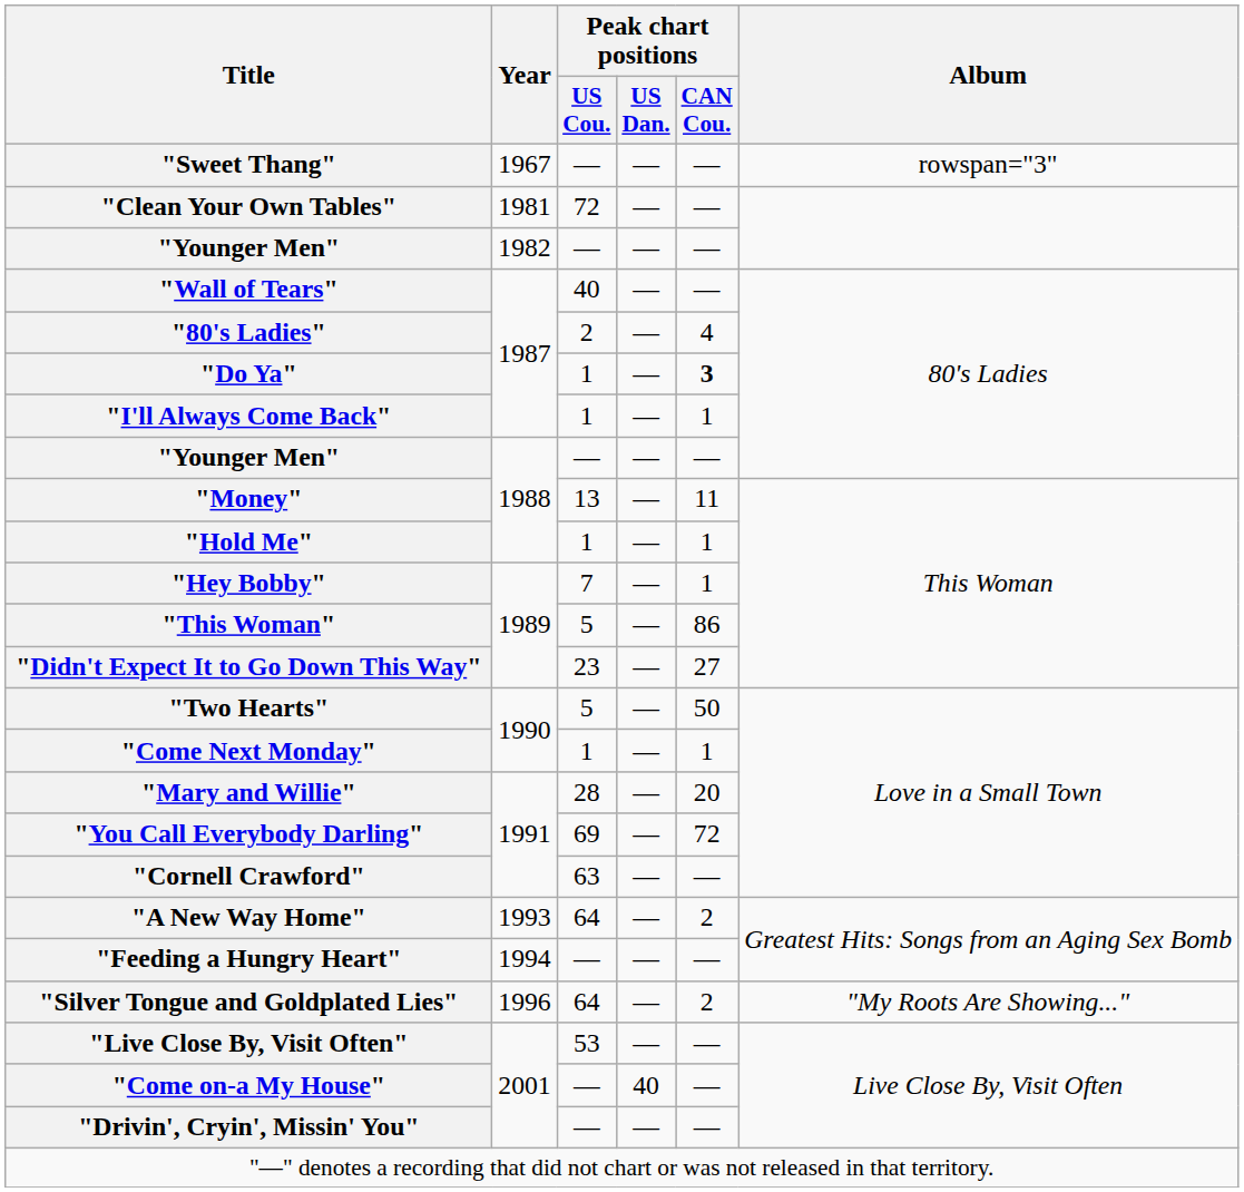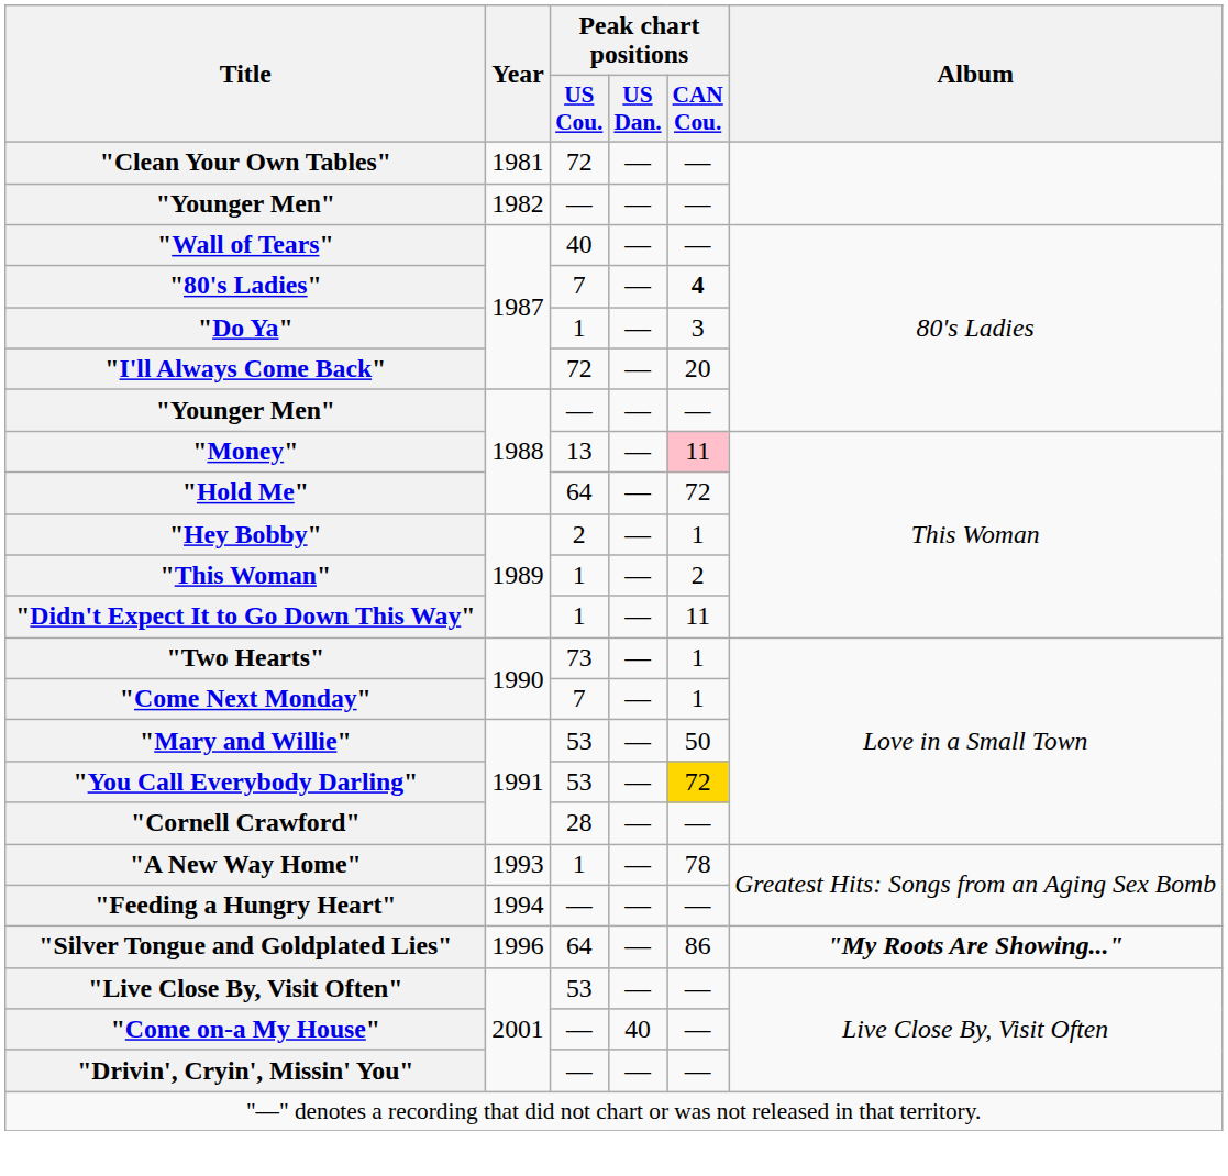 <table class="wikitable plainrowheaders" style="text-align:center;">
 <tr>
 <th scope="col" rowspan="2" style="width:18em;">Title</th>
 <th scope="col" rowspan="2">Year</th>
 <th scope="col" colspan="3">Peak chart<br>positions</th>
 <th scope="col" rowspan="2">Album</th>
 </tr>
 <tr>
 <th scope="col" style="width:2em;font-size:90%;"><a href='#'>US<br>Cou.</a><br></th>
 <th scope="col" style="width:2em;font-size:90%;"><a href='#'>US<br>Dan.</a><br></th>
 <th scope="col" style="width:2em;font-size:90%;"><a href='#'>CAN<br>Cou.</a><br></th>
-</tr>
-<tr>
-<th scope="row">"Sweet Thang"</th>
-<td>1967</td>
-<td>—</td>
-<td>—</td>
-<td>—</td>
-<td>rowspan="3" </td>
 </tr>
 <tr>
 <th scope="row">"Clean Your Own Tables"</th>
 <td>1981</td>
 <td>72</td>
 <td>—</td>
 <td>—</td>
 </tr>
 <tr>
 <th scope="row">"Younger Men"</th>
 <td>1982</td>
 <td>—</td>
 <td>—</td>
 <td>—</td>
 </tr>
 <tr>
 <th scope="row">"<a href='#'>Wall of Tears</a>"</th>
 <td rowspan="4">1987</td>
 <td>40</td>
 <td>—</td>
 <td>—</td>
 <td rowspan="5"><em>80's Ladies</em></td>
 </tr>
 <tr>
 <th scope="row">"<a href='#'>80's Ladies</a>"</th>
-<td>2</td>
+<td>7</td>
 <td>—</td>
-<td>4</td>
+<td><strong>4</strong></td>
 </tr>
 <tr>
 <th scope="row">"<a href='#'>Do Ya</a>"</th>
 <td>1</td>
 <td>—</td>
-<td><strong>3</strong></td>
+<td>3</td>
 </tr>
 <tr>
 <th scope="row">"<a href='#'>I'll Always Come Back</a>"</th>
-<td>1</td>
+<td>72</td>
 <td>—</td>
-<td>1</td>
+<td>20</td>
 </tr>
 <tr>
 <th scope="row">"Younger Men" </th>
 <td rowspan="3">1988</td>
 <td>—</td>
 <td>—</td>
 <td>—</td>
 </tr>
 <tr>
 <th scope="row">"<a href='#'>Money</a>"</th>
 <td>13</td>
 <td>—</td>
-<td>11</td>
+<td style="background: pink;">11</td>
 <td rowspan="5"><em>This Woman</em></td>
 </tr>
 <tr>
 <th scope="row">"<a href='#'>Hold Me</a>"</th>
-<td>1</td>
+<td>64</td>
 <td>—</td>
-<td>1</td>
+<td>72</td>
 </tr>
 <tr>
 <th scope="row">"<a href='#'>Hey Bobby</a>"</th>
 <td rowspan="3">1989</td>
-<td>7</td>
+<td>2</td>
 <td>—</td>
 <td>1</td>
 </tr>
 <tr>
 <th scope="row">"<a href='#'>This Woman</a>"</th>
-<td>5</td>
+<td>1</td>
 <td>—</td>
-<td>86</td>
+<td>2</td>
 </tr>
 <tr>
 <th scope="row">"<a href='#'>Didn't Expect It to Go Down This Way</a>"</th>
-<td>23</td>
+<td>1</td>
 <td>—</td>
-<td>27</td>
+<td>11</td>
 </tr>
 <tr>
 <th scope="row">"Two Hearts"</th>
 <td rowspan="2">1990</td>
-<td>5</td>
+<td>73</td>
 <td>—</td>
-<td>50</td>
+<td>1</td>
 <td rowspan="5"><em>Love in a Small Town</em></td>
 </tr>
 <tr>
 <th scope="row">"<a href='#'>Come Next Monday</a>"</th>
-<td>1</td>
+<td>7</td>
 <td>—</td>
 <td>1</td>
 </tr>
 <tr>
 <th scope="row">"<a href='#'>Mary and Willie</a>"</th>
 <td rowspan="3">1991</td>
-<td>28</td>
+<td>53</td>
 <td>—</td>
-<td>20</td>
+<td>50</td>
 </tr>
 <tr>
 <th scope="row">"<a href='#'>You Call Everybody Darling</a>"</th>
-<td>69</td>
+<td>53</td>
 <td>—</td>
-<td>72</td>
+<td style="background: gold;">72</td>
 </tr>
 <tr>
 <th scope="row">"Cornell Crawford"</th>
-<td>63</td>
+<td>28</td>
 <td>—</td>
 <td>—</td>
 </tr>
 <tr>
 <th scope="row">"A New Way Home"</th>
 <td>1993</td>
-<td>64</td>
+<td>1</td>
 <td>—</td>
-<td>2</td>
+<td>78</td>
 <td rowspan="2"><em>Greatest Hits: Songs from an Aging Sex Bomb</em></td>
 </tr>
 <tr>
 <th scope="row">"Feeding a Hungry Heart"</th>
 <td>1994</td>
 <td>—</td>
 <td>—</td>
 <td>—</td>
 </tr>
 <tr>
 <th scope="row">"Silver Tongue and Goldplated Lies"</th>
 <td>1996</td>
 <td>64</td>
 <td>—</td>
-<td>2</td>
-<td><em>"My Roots Are Showing..."</em></td>
+<td>86</td>
+<td><strong><em>"My Roots Are Showing..."</em></strong></td>
 </tr>
 <tr>
 <th scope="row">"Live Close By, Visit Often"</th>
 <td rowspan="3">2001</td>
 <td>53</td>
 <td>—</td>
 <td>—</td>
 <td rowspan="3"><em>Live Close By, Visit Often</em></td>
 </tr>
 <tr>
 <th scope="row">"<a href='#'>Come on-a My House</a>"</th>
 <td>—</td>
 <td>40</td>
 <td>—</td>
 </tr>
 <tr>
 <th scope="row">"Drivin', Cryin', Missin' You"</th>
 <td>—</td>
 <td>—</td>
 <td>—</td>
 </tr>
 <tr>
 <td colspan="6" style="font-size:90%">"—" denotes a recording that did not chart or was not released in that territory.</td>
 </tr>
 </table>
